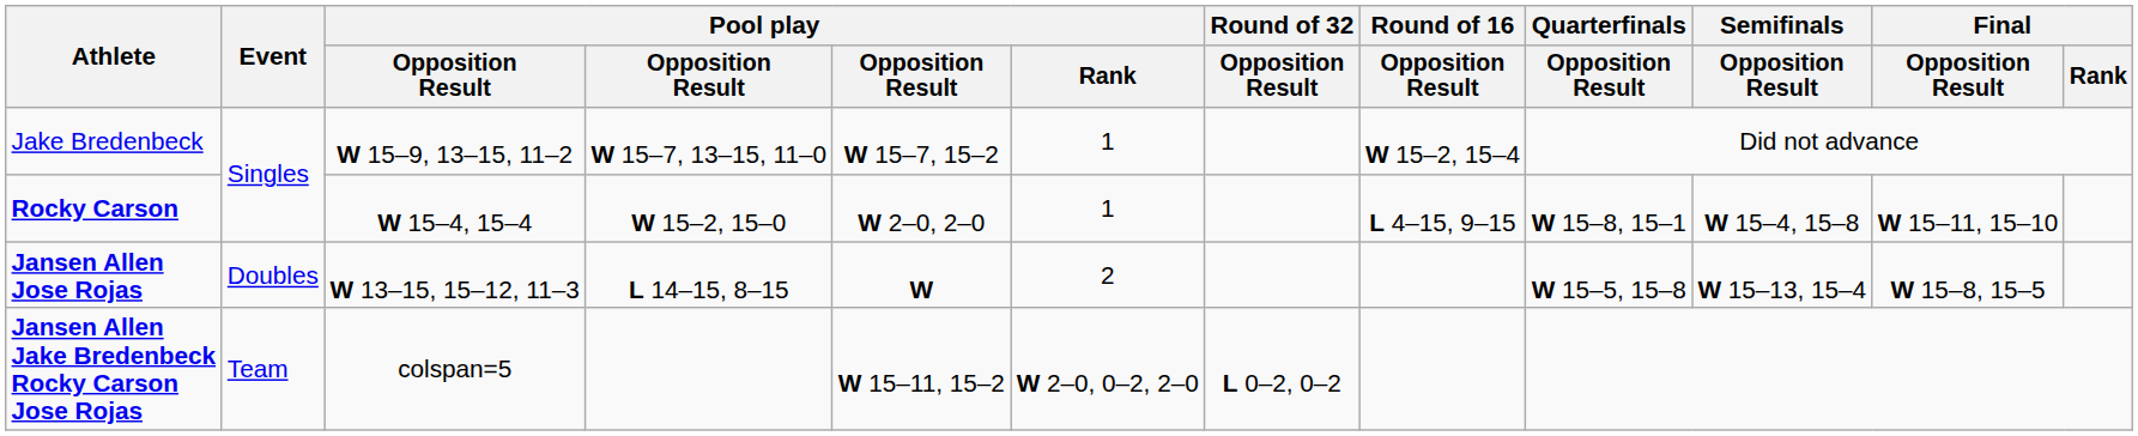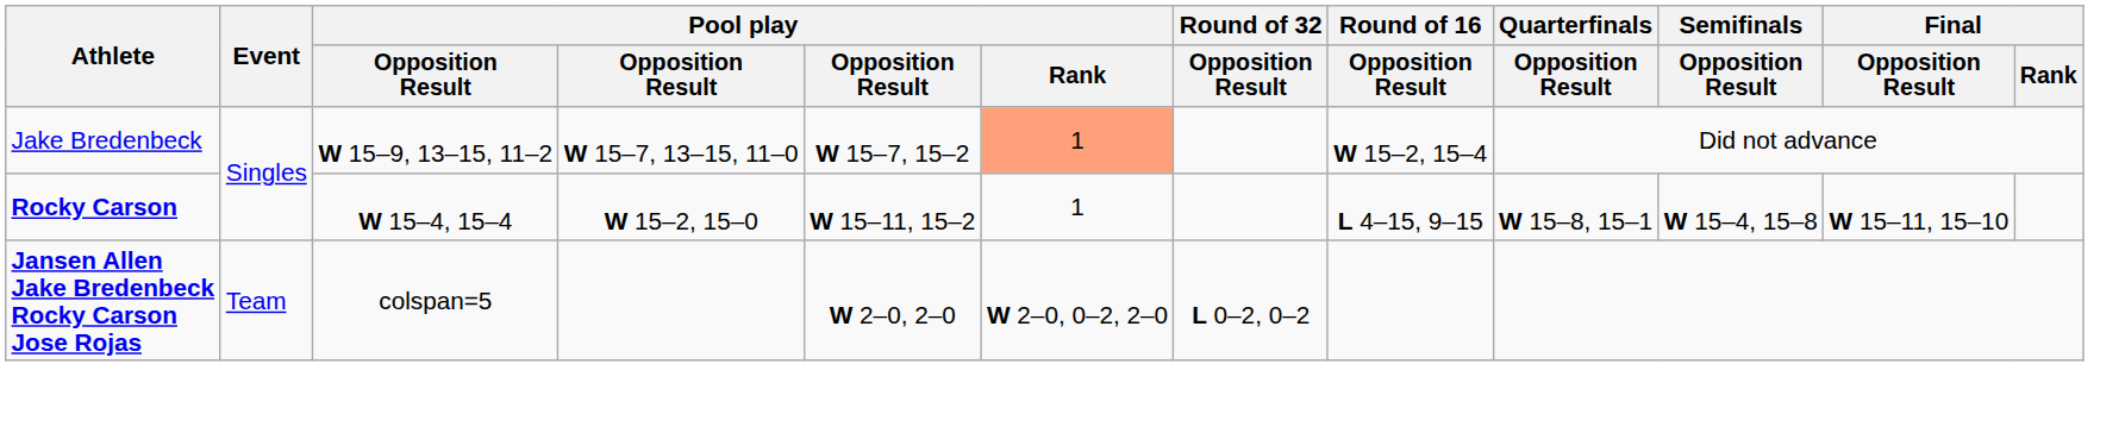 <table class=wikitable style="font-size:90%;">
 <tr>
 <th rowspan=2>Athlete</th>
 <th rowspan=2>Event</th>
 <th colspan=4>Pool play</th>
 <th>Round of 32</th>
 <th>Round of 16</th>
 <th>Quarterfinals</th>
 <th>Semifinals</th>
 <th colspan=2>Final</th>
 </tr>
 <tr style="font-size:95%">
 <th>Opposition<br>Result</th>
 <th>Opposition<br>Result</th>
 <th>Opposition<br>Result</th>
 <th>Rank</th>
 <th>Opposition<br>Result</th>
 <th>Opposition<br>Result</th>
 <th>Opposition<br>Result</th>
 <th>Opposition<br>Result</th>
 <th>Opposition<br>Result</th>
 <th>Rank</th>
 </tr>
 <tr align=center>
 <td align=left><a href='#'>Jake Bredenbeck</a></td>
 <td align=left rowspan=2><a href='#'>Singles</a></td>
 <td><br><strong>W</strong> 15–9, 13–15, 11–2</td>
 <td><br><strong>W</strong> 15–7, 13–15, 11–0</td>
 <td><br><strong>W</strong> 15–7, 15–2</td>
-<td>1</td>
+<td style="background: lightsalmon;">1</td>
 <td></td>
 <td><br><strong>W</strong> 15–2, 15–4</td>
 <td colspan=4>Did not advance</td>
 </tr>
 <tr align=center>
 <td align=left><strong><a href='#'>Rocky Carson</a></strong></td>
 <td><br><strong>W</strong> 15–4, 15–4</td>
 <td><br><strong>W</strong> 15–2, 15–0</td>
-<td><br><strong>W</strong> 2–0, 2–0</td>
+<td><br><strong>W</strong> 15–11, 15–2</td>
 <td>1</td>
 <td></td>
 <td><br><strong>L</strong> 4–15, 9–15</td>
 <td><br><strong>W</strong> 15–8, 15–1</td>
 <td><br><strong>W</strong> 15–4, 15–8</td>
 <td><br><strong>W</strong> 15–11, 15–10</td>
 <td></td>
 </tr>
 <tr align=center>
-<td align=left><strong><a href='#'>Jansen Allen</a><br><a href='#'>Jose Rojas</a></strong></td>
-<td align=left><a href='#'>Doubles</a></td>
-<td><br><strong>W</strong> 13–15, 15–12, 11–3</td>
-<td><br><strong>L</strong> 14–15, 8–15</td>
-<td><br><strong>W</strong> </td>
-<td>2</td>
-<td></td>
-<td></td>
-<td><br><strong>W</strong> 15–5, 15–8</td>
-<td><br><strong>W</strong> 15–13, 15–4</td>
-<td><br><strong>W</strong> 15–8, 15–5</td>
-<td></td>
-</tr>
-<tr align=center>
 <td align=left><strong><a href='#'>Jansen Allen</a><br><a href='#'>Jake Bredenbeck</a><br><a href='#'>Rocky Carson</a><br><a href='#'>Jose Rojas</a></strong></td>
 <td align=left><a href='#'>Team</a></td>
 <td>colspan=5 </td>
 <td></td>
-<td><br><strong>W</strong> 15–11, 15–2</td>
+<td><br><strong>W</strong> 2–0, 2–0</td>
 <td><br><strong>W</strong> 2–0, 0–2, 2–0</td>
 <td><br><strong>L</strong> 0–2, 0–2</td>
 <td></td>
 </tr>
 </table>
